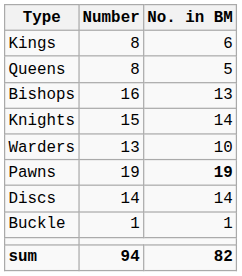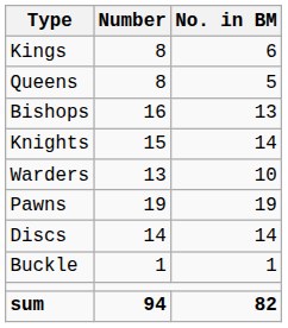 <table class="wikitable floatleft" style="text-align: left">
 <tr>
 <th>Type</th>
 <th>Number</th>
 <th>No. in BM</th>
 </tr>
 <tr>
 <td>Kings</td>
 <td style="text-align: right;">8</td>
 <td style="text-align: right;">6</td>
 </tr>
 <tr>
 <td>Queens</td>
 <td style="text-align: right;">8</td>
 <td style="text-align: right;">5</td>
 </tr>
 <tr>
 <td>Bishops</td>
 <td style="text-align: right;">16</td>
 <td style="text-align: right;">13</td>
 </tr>
 <tr>
 <td>Knights</td>
 <td style="text-align: right;">15</td>
 <td style="text-align: right;">14</td>
 </tr>
 <tr>
 <td>Warders</td>
 <td style="text-align: right;">13</td>
 <td style="text-align: right;">10</td>
 </tr>
 <tr>
 <td>Pawns</td>
 <td style="text-align: right;">19</td>
-<td style="text-align: right;"><strong>19</strong></td>
+<td style="text-align: right;">19</td>
 </tr>
 <tr>
 <td>Discs</td>
 <td style="text-align: right;">14</td>
 <td style="text-align: right;">14</td>
 </tr>
 <tr>
 <td>Buckle</td>
 <td style="text-align: right;">1</td>
 <td style="text-align: right;">1</td>
 </tr>
 <tr>
 <td></td>
 </tr>
 <tr>
 <td><strong>sum</strong></td>
 <td style="text-align: right;"><strong>94</strong></td>
 <td style="text-align: right;"><strong>82</strong></td>
 </tr>
 </table>
